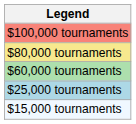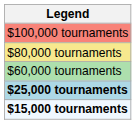 <table class=wikitable style="font-size:85%">
 <tr>
 <th>Legend</th>
 </tr>
 <tr style="background:#f88379;">
 <td>$100,000 tournaments</td>
 </tr>
 <tr style="background:#f7e98e;">
 <td>$80,000 tournaments</td>
 </tr>
 <tr style="background:#addfad;">
 <td>$60,000 tournaments</td>
 </tr>
 <tr style="background:lightblue;">
-<td>$25,000 tournaments</td>
+<td><strong>$25,000 tournaments</strong></td>
 </tr>
 <tr style="background:#f0f8ff;">
-<td>$15,000 tournaments</td>
+<td><strong>$15,000 tournaments</strong></td>
 </tr>
 </table>
